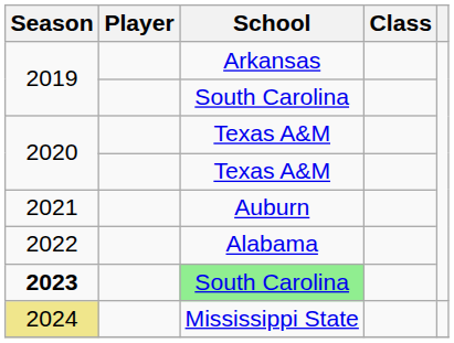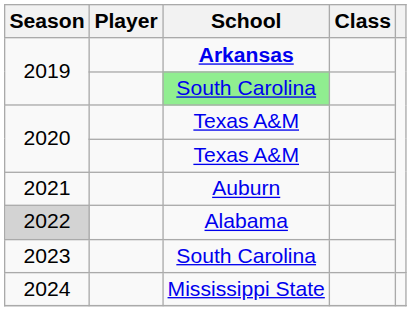 <table class="wikitable sortable" style="text-align: center;">
 <tr>
 <th>Season</th>
 <th>Player</th>
 <th>School</th>
 <th>Class</th>
 <th class="unsortable"></th>
 </tr>
 <tr>
 <td rowspan=2>2019</td>
 <td></td>
-<td><a href='#'>Arkansas</a></td>
+<td><strong><a href='#'>Arkansas</a></strong></td>
 <td></td>
 <td rowspan=7></td>
 </tr>
 <tr>
 <td></td>
-<td><a href='#'>South Carolina</a></td>
+<td style="background: lightgreen;"><a href='#'>South Carolina</a></td>
 <td></td>
 </tr>
 <tr>
 <td rowspan=2>2020</td>
 <td></td>
 <td><a href='#'>Texas A&M</a></td>
 <td></td>
 </tr>
 <tr>
 <td></td>
 <td><a href='#'>Texas A&M</a></td>
 <td></td>
 </tr>
 <tr>
 <td>2021</td>
 <td></td>
 <td><a href='#'>Auburn</a></td>
 <td></td>
 </tr>
 <tr>
-<td>2022</td>
+<td style="background: lightgrey;">2022</td>
 <td></td>
 <td><a href='#'>Alabama</a></td>
 <td></td>
 </tr>
 <tr>
-<td><strong>2023</strong></td>
+<td>2023</td>
 <td></td>
-<td style="background: lightgreen;"><a href='#'>South Carolina</a></td>
+<td><a href='#'>South Carolina</a></td>
 <td></td>
 </tr>
 <tr>
-<td style="background: khaki;">2024</td>
+<td>2024</td>
 <td></td>
 <td><a href='#'>Mississippi State</a></td>
 <td></td>
 <td></td>
 </tr>
 <tr>
 </tr>
 </table>
